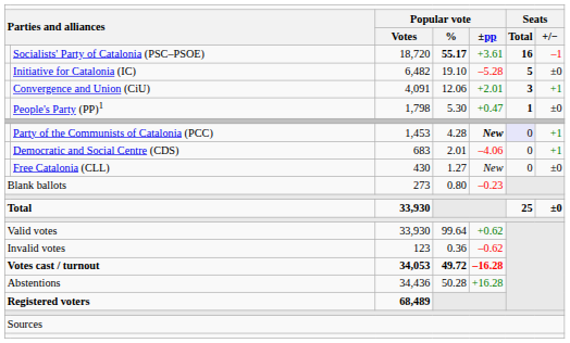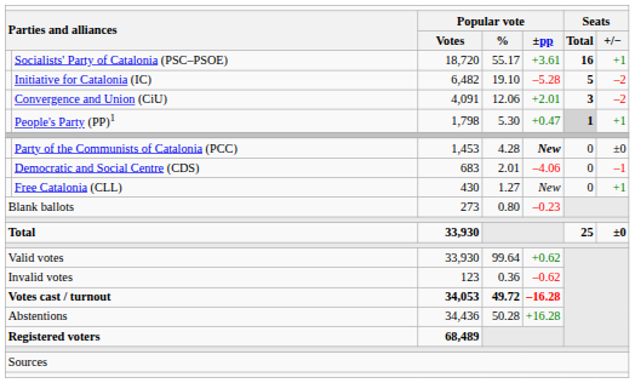 <table class="wikitable" style="text-align:right;">
 <tr>
 <td colspan="7"></td>
 </tr>
 <tr>
 <th style="text-align:left;" rowspan="2" colspan="2" width="525">Parties and alliances</th>
 <th colspan="3">Popular vote</th>
 <th colspan="2">Seats</th>
 </tr>
 <tr>
 <th width="75">Votes</th>
 <th width="45">%</th>
 <th width="45">±<a href='#'>pp</a></th>
 <th width="35">Total</th>
 <th width="35">+/−</th>
 </tr>
 <tr>
 <td width="1" style="color:inherit;background:"></td>
 <td align="left"><a href='#'>Socialists' Party of Catalonia</a> (PSC–PSOE)</td>
 <td>18,720</td>
-<td><strong>55.17</strong></td>
+<td>55.17</td>
 <td style="color:green;">+3.61</td>
 <td><strong>16</strong></td>
-<td style="color:red;">–1</td>
+<td style="color:green;">+1</td>
 </tr>
 <tr>
 <td style="color:inherit;background:"></td>
 <td align="left"><a href='#'>Initiative for Catalonia</a> (IC)</td>
 <td>6,482</td>
 <td>19.10</td>
 <td style="color:red;">–5.28</td>
 <td><strong>5</strong></td>
-<td>±0</td>
+<td style="color:red;">–2</td>
 </tr>
 <tr>
 <td style="color:inherit;background:"></td>
 <td align="left"><a href='#'>Convergence and Union</a> (CiU)</td>
 <td>4,091</td>
 <td>12.06</td>
 <td style="color:green;">+2.01</td>
 <td><strong>3</strong></td>
-<td style="color:green;">+1</td>
+<td style="color:red;">–2</td>
 </tr>
 <tr>
 <td style="color:inherit;background:"></td>
 <td align="left"><a href='#'>People's Party</a> (PP)<sup>1</sup></td>
 <td>1,798</td>
 <td>5.30</td>
 <td style="color:green;">+0.47</td>
-<td><strong>1</strong></td>
-<td>±0</td>
+<td style="background: lightgrey;"><strong>1</strong></td>
+<td style="color:green;">+1</td>
 </tr>
 <tr>
 <td colspan="7" style="color:inherit;background:#C0C0C0"></td>
 </tr>
 <tr>
 <td style="color:inherit;background:"></td>
 <td align="left"><a href='#'>Party of the Communists of Catalonia</a> (PCC)</td>
 <td>1,453</td>
 <td>4.28</td>
 <td><strong><em>New</em></strong></td>
-<td style="background: lavender;">0</td>
-<td style="color:green;">+1</td>
+<td>0</td>
+<td>±0</td>
 </tr>
 <tr>
 <td style="color:inherit;background:"></td>
 <td align="left"><a href='#'>Democratic and Social Centre</a> (CDS)</td>
 <td>683</td>
 <td>2.01</td>
 <td style="color:red;">–4.06</td>
 <td>0</td>
-<td style="color:green;">+1</td>
+<td style="color:red;">–1</td>
 </tr>
 <tr>
 <td style="color:inherit;background:"></td>
 <td align="left"><a href='#'>Free Catalonia</a> (CLL)</td>
 <td>430</td>
 <td>1.27</td>
 <td><em>New</em></td>
 <td>0</td>
-<td>±0</td>
+<td style="color:green;">+1</td>
 </tr>
 <tr>
 <td align="left" colspan="2">Blank ballots</td>
 <td>273</td>
 <td>0.80</td>
 <td style="color:red;">–0.23</td>
 <td style="color:inherit;background:#E9E9E9" colspan="2"></td>
 </tr>
 <tr>
 <td colspan="7" style="color:inherit;background:#E9E9E9"></td>
 </tr>
 <tr style="font-weight:bold;">
 <td align="left" colspan="2">Total</td>
 <td>33,930</td>
 <td bgcolor="#E9E9E9" colspan="2"></td>
 <td>25</td>
 <td>±0</td>
 </tr>
 <tr>
 <td colspan="7" style="color:inherit;background:#E9E9E9"></td>
 </tr>
 <tr>
 <td align="left" colspan="2">Valid votes</td>
 <td>33,930</td>
 <td>99.64</td>
 <td style="color:green;">+0.62</td>
 <td bgcolor="#E9E9E9" colspan="2" rowspan="5"></td>
 </tr>
 <tr>
 <td align="left" colspan="2">Invalid votes</td>
 <td>123</td>
 <td>0.36</td>
 <td style="color:red;">–0.62</td>
 </tr>
 <tr style="font-weight:bold;">
 <td align="left" colspan="2">Votes cast / turnout</td>
 <td>34,053</td>
 <td>49.72</td>
 <td style="color:red;">–16.28</td>
 </tr>
 <tr>
 <td align="left" colspan="2">Abstentions</td>
 <td>34,436</td>
 <td>50.28</td>
 <td style="color:green;">+16.28</td>
 </tr>
 <tr style="font-weight:bold;">
 <td align="left" colspan="2">Registered voters</td>
 <td>68,489</td>
 <td bgcolor="#E9E9E9" colspan="2"></td>
 </tr>
 <tr>
 <td colspan="7" style="color:inherit;background:#E9E9E9"></td>
 </tr>
 <tr>
 <td align="left" colspan="7">Sources</td>
 </tr>
 <tr>
 <td colspan="7" style="text-align:left; max-width:790px;"></td>
 </tr>
 </table>
